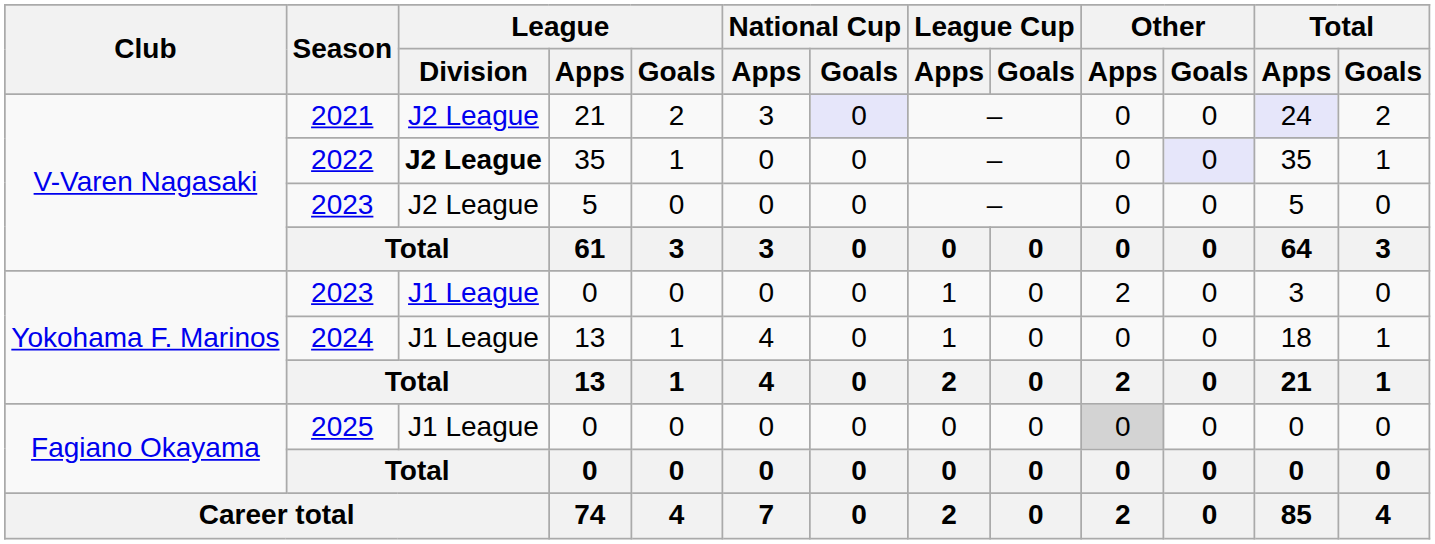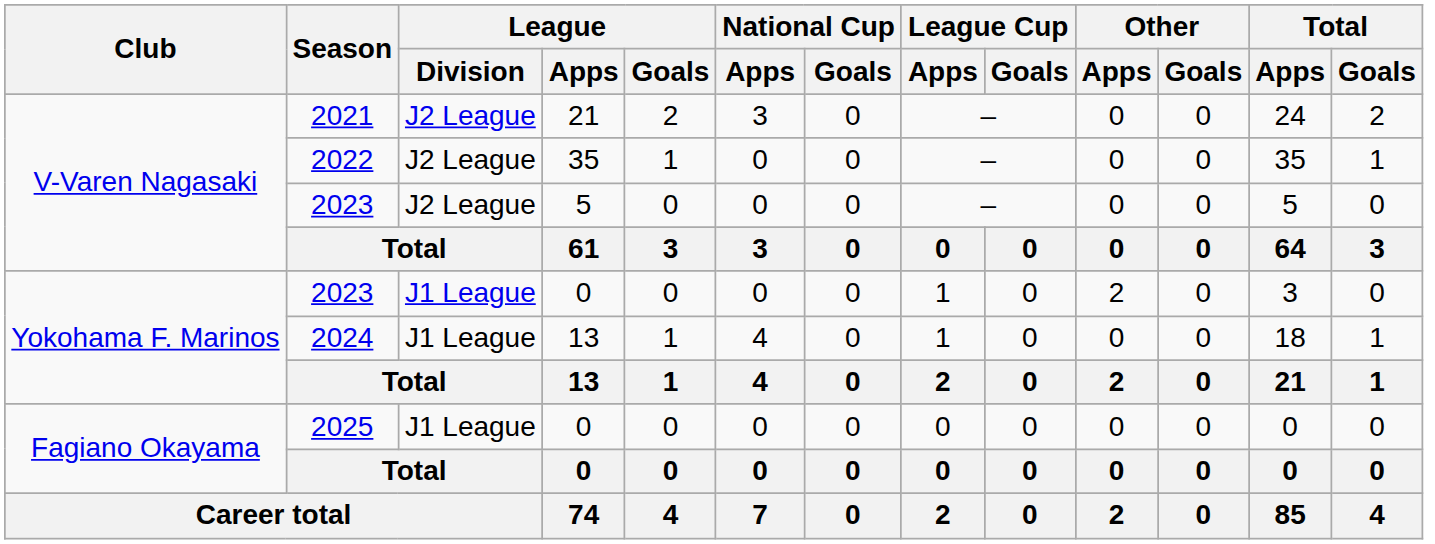 <table class="wikitable" style="text-align: center;">
 <tr>
 <th rowspan="2">Club</th>
 <th rowspan="2">Season</th>
 <th colspan="3">League</th>
 <th colspan="2">National Cup</th>
 <th colspan="2">League Cup</th>
 <th colspan="2">Other</th>
 <th colspan="2">Total</th>
 </tr>
 <tr>
 <th>Division</th>
 <th>Apps</th>
 <th>Goals</th>
 <th>Apps</th>
 <th>Goals</th>
 <th>Apps</th>
 <th>Goals</th>
 <th>Apps</th>
 <th>Goals</th>
 <th>Apps</th>
 <th>Goals</th>
 </tr>
 <tr>
 <td rowspan="4"><a href='#'>V-Varen Nagasaki</a></td>
 <td><a href='#'>2021</a></td>
 <td><a href='#'>J2 League</a></td>
 <td>21</td>
 <td>2</td>
 <td>3</td>
-<td style="background: lavender;">0</td>
+<td>0</td>
 <td colspan="2">–</td>
 <td>0</td>
 <td>0</td>
-<td style="background: lavender;">24</td>
+<td>24</td>
 <td>2</td>
 </tr>
 <tr>
 <td><a href='#'>2022</a></td>
-<td><strong>J2 League</strong></td>
+<td>J2 League</td>
 <td>35</td>
 <td>1</td>
 <td>0</td>
 <td>0</td>
 <td colspan="2">–</td>
 <td>0</td>
-<td style="background: lavender;">0</td>
+<td>0</td>
 <td>35</td>
 <td>1</td>
 </tr>
 <tr>
 <td><a href='#'>2023</a></td>
 <td>J2 League</td>
 <td>5</td>
 <td>0</td>
 <td>0</td>
 <td>0</td>
 <td colspan="2">–</td>
 <td>0</td>
 <td>0</td>
 <td>5</td>
 <td>0</td>
 </tr>
 <tr>
 <th colspan="2">Total</th>
 <th>61</th>
 <th>3</th>
 <th>3</th>
 <th>0</th>
 <th>0</th>
 <th>0</th>
 <th>0</th>
 <th>0</th>
 <th>64</th>
 <th>3</th>
 </tr>
 <tr>
 <td rowspan="3"><a href='#'>Yokohama F. Marinos</a></td>
 <td><a href='#'>2023</a></td>
 <td><a href='#'>J1 League</a></td>
 <td>0</td>
 <td>0</td>
 <td>0</td>
 <td>0</td>
 <td>1</td>
 <td>0</td>
 <td>2</td>
 <td>0</td>
 <td>3</td>
 <td>0</td>
 </tr>
 <tr>
 <td><a href='#'>2024</a></td>
 <td>J1 League</td>
 <td>13</td>
 <td>1</td>
 <td>4</td>
 <td>0</td>
 <td>1</td>
 <td>0</td>
 <td>0</td>
 <td>0</td>
 <td>18</td>
 <td>1</td>
 </tr>
 <tr>
 <th colspan="2">Total</th>
 <th>13</th>
 <th>1</th>
 <th>4</th>
 <th>0</th>
 <th>2</th>
 <th>0</th>
 <th>2</th>
 <th>0</th>
 <th>21</th>
 <th>1</th>
 </tr>
 <tr>
 <td rowspan="2"><a href='#'>Fagiano Okayama</a></td>
 <td><a href='#'>2025</a></td>
 <td>J1 League</td>
 <td>0</td>
 <td>0</td>
 <td>0</td>
 <td>0</td>
 <td>0</td>
 <td>0</td>
-<td style="background: lightgrey;">0</td>
+<td>0</td>
 <td>0</td>
 <td>0</td>
 <td>0</td>
 </tr>
 <tr>
 <th colspan="2">Total</th>
 <th>0</th>
 <th>0</th>
 <th>0</th>
 <th>0</th>
 <th>0</th>
 <th>0</th>
 <th>0</th>
 <th>0</th>
 <th>0</th>
 <th>0</th>
 </tr>
 <tr>
 <th colspan="3">Career total</th>
 <th>74</th>
 <th>4</th>
 <th>7</th>
 <th>0</th>
 <th>2</th>
 <th>0</th>
 <th>2</th>
 <th>0</th>
 <th>85</th>
 <th>4</th>
 </tr>
 </table>
